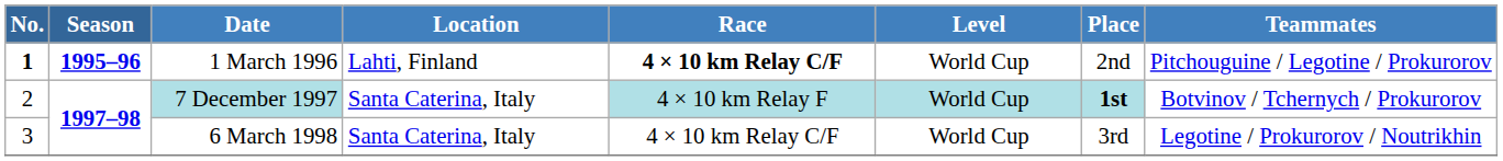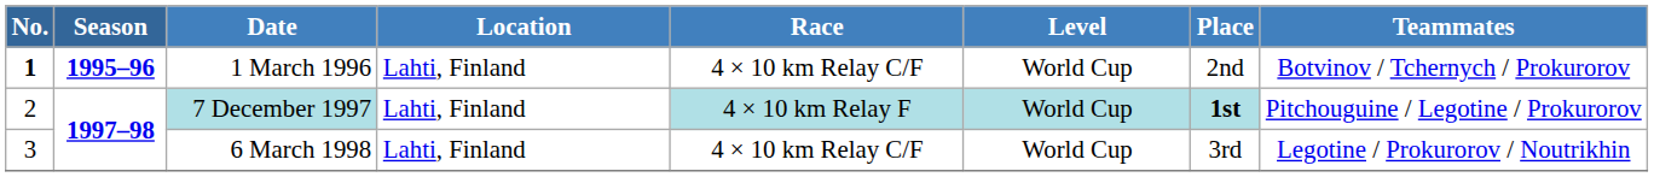 <table class="wikitable sortable" style="font-size:95%; text-align:center; border:grey solid 1px; border-collapse:collapse; background:#ffffff;">
 <tr style="background:#efefef;">
 <th style="background-color:#369; color:white;">No.</th>
 <th style="background-color:#369; color:white;">Season</th>
 <th style="background-color:#4180be; color:white; width:120px;">Date</th>
 <th style="background-color:#4180be; color:white; width:170px;">Location</th>
 <th style="background-color:#4180be; color:white; width:170px;">Race</th>
 <th style="background-color:#4180be; color:white; width:130px;">Level</th>
 <th style="background-color:#4180be; color:white;">Place</th>
 <th style="background-color:#4180be; color:white;">Teammates</th>
 </tr>
 <tr>
 <td align=center><strong>1</strong></td>
 <td rowspan=1 align=center><strong> <a href='#'>1995–96</a> </strong></td>
 <td align=right>1 March 1996</td>
 <td align=left> <a href='#'>Lahti</a>, Finland</td>
-<td><strong>4 × 10 km Relay C/F</strong></td>
+<td>4 × 10 km Relay C/F</td>
 <td>World Cup</td>
 <td>2nd</td>
-<td><a href='#'>Pitchouguine</a> / <a href='#'>Legotine</a> / <a href='#'>Prokurorov</a></td>
+<td><a href='#'>Botvinov</a> / <a href='#'>Tchernych</a> / <a href='#'>Prokurorov</a></td>
 </tr>
 <tr>
 <td align=center>2</td>
 <td rowspan=2 align=center><strong><a href='#'>1997–98</a></strong></td>
 <td bgcolor="#BOEOE6" align=right>7 December 1997</td>
-<td align=left> <a href='#'>Santa Caterina</a>, Italy</td>
+<td align=left> <a href='#'>Lahti</a>, Finland</td>
 <td bgcolor="#BOEOE6">4 × 10 km Relay F</td>
 <td bgcolor="#BOEOE6">World Cup</td>
 <td bgcolor="#BOEOE6"><strong>1st</strong></td>
-<td><a href='#'>Botvinov</a> / <a href='#'>Tchernych</a> / <a href='#'>Prokurorov</a></td>
+<td><a href='#'>Pitchouguine</a> / <a href='#'>Legotine</a> / <a href='#'>Prokurorov</a></td>
 </tr>
 <tr>
 <td align=center>3</td>
 <td align=right>6 March 1998</td>
-<td align=left> <a href='#'>Santa Caterina</a>, Italy</td>
+<td align=left> <a href='#'>Lahti</a>, Finland</td>
 <td>4 × 10 km Relay C/F</td>
 <td>World Cup</td>
 <td>3rd</td>
 <td><a href='#'>Legotine</a> / <a href='#'>Prokurorov</a> / <a href='#'>Noutrikhin</a></td>
 </tr>
 <tr>
 </tr>
 </table>
